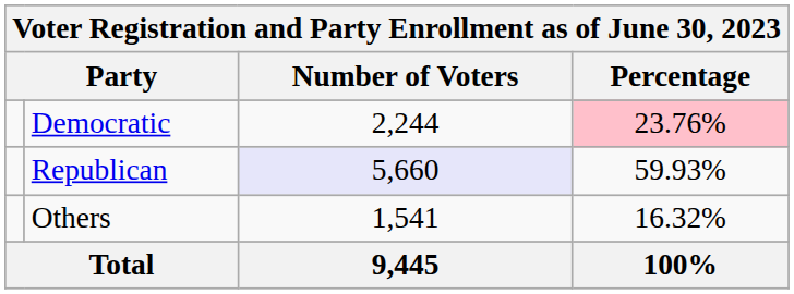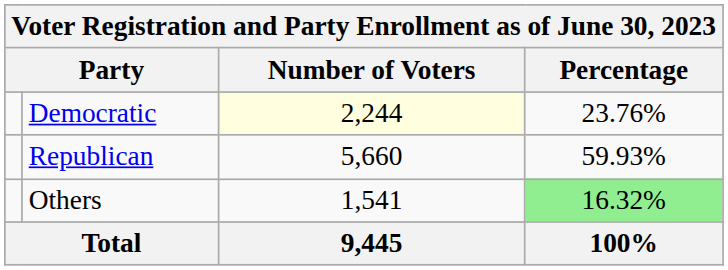 <table class=wikitable>
 <tr>
 <th colspan = 6>Voter Registration and Party Enrollment as of June 30, 2023</th>
 </tr>
 <tr>
 <th colspan = 2>Party</th>
 <th>Number of Voters</th>
 <th>Percentage</th>
 </tr>
 <tr>
 <td></td>
 <td><a href='#'>Democratic</a></td>
-<td align = center>2,244</td>
-<td align = center style="background: pink;">23.76%</td>
+<td align = center style="background: lightyellow;">2,244</td>
+<td align = center>23.76%</td>
 </tr>
 <tr>
 <td></td>
 <td><a href='#'>Republican</a></td>
-<td align = center style="background: lavender;">5,660</td>
+<td align = center>5,660</td>
 <td align = center>59.93%</td>
 </tr>
 <tr>
 <td></td>
 <td>Others</td>
 <td align = center>1,541</td>
-<td align = center>16.32%</td>
+<td align = center style="background: lightgreen;">16.32%</td>
 </tr>
 <tr>
 <th colspan = 2>Total</th>
 <th align = center>9,445</th>
 <th align = center>100%</th>
 </tr>
 </table>
